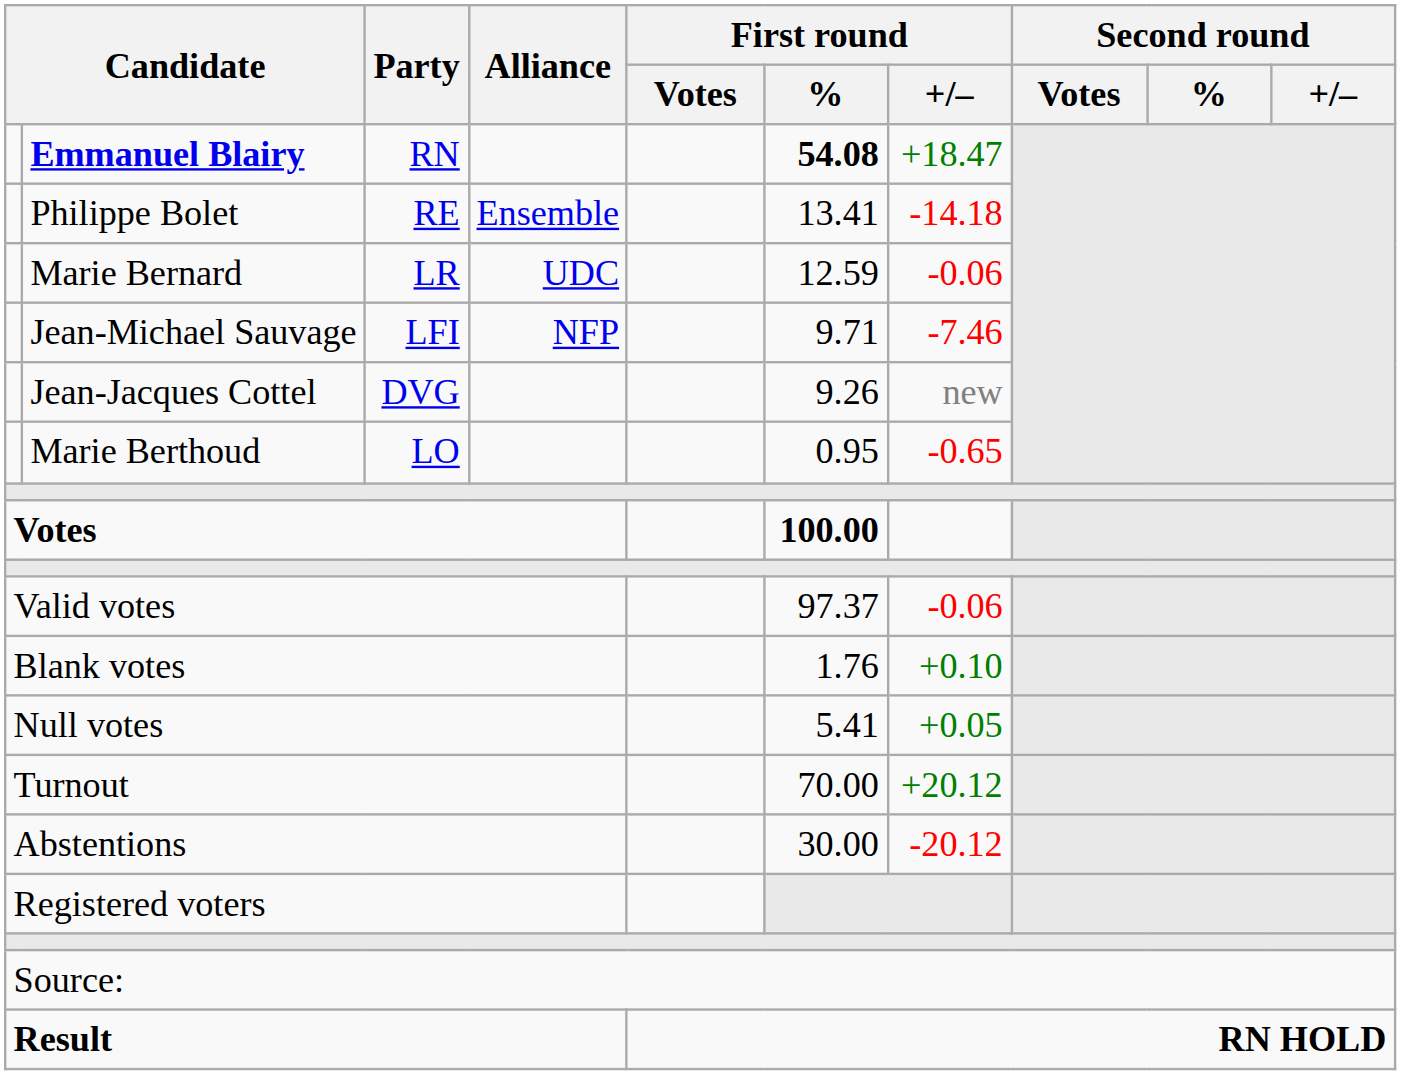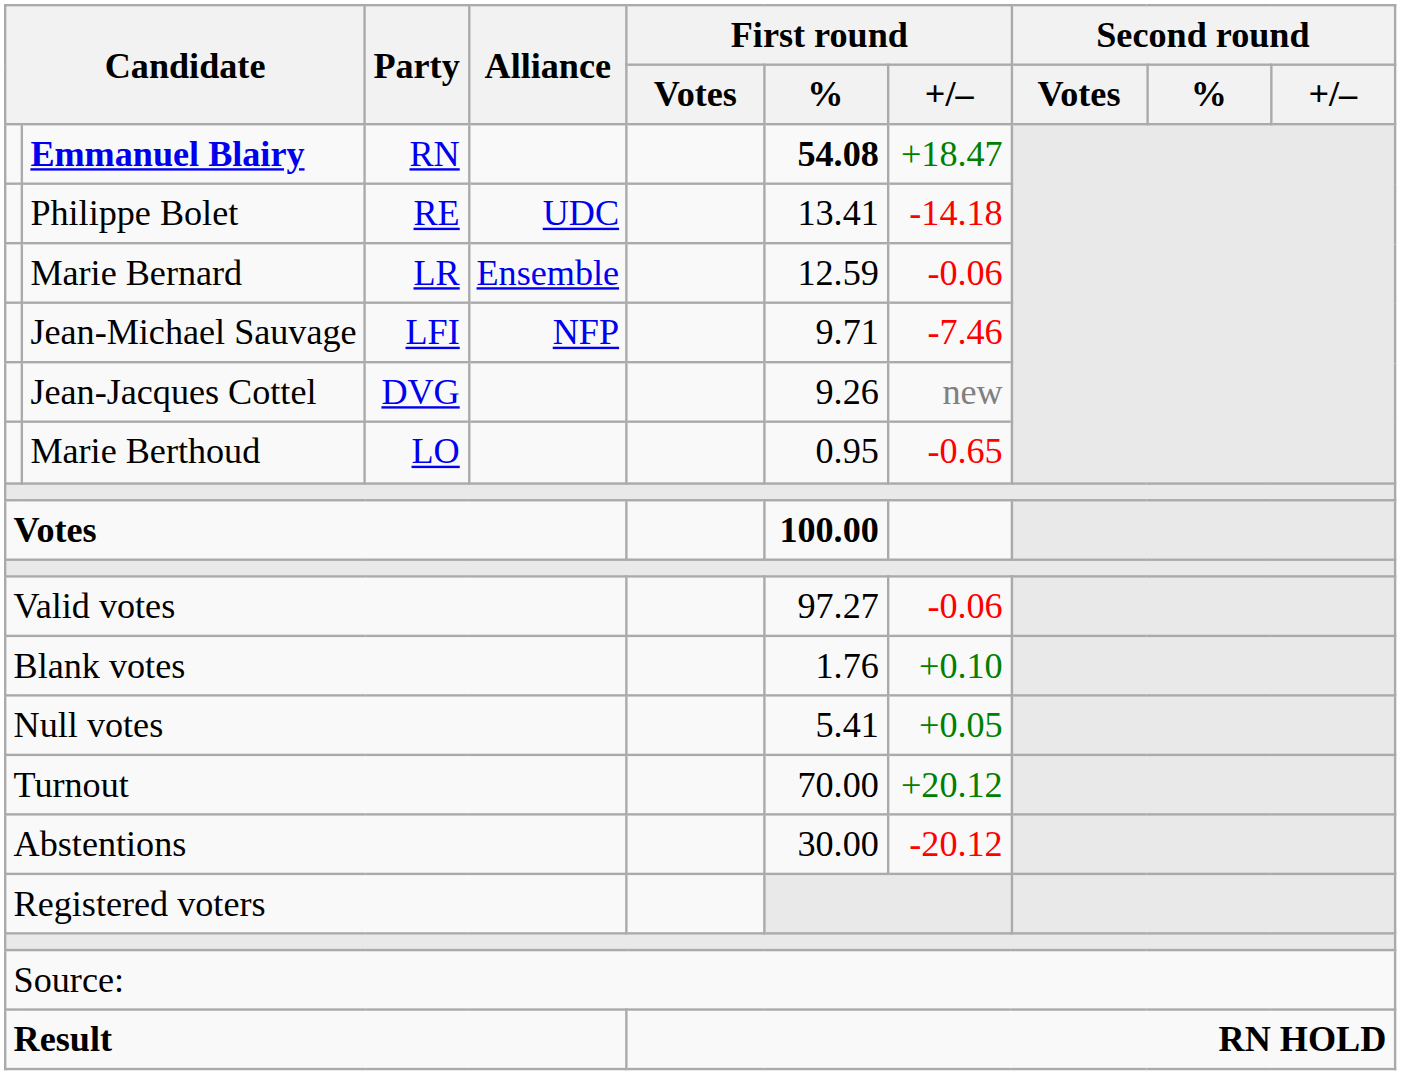 <table class="wikitable" style="text-align:right;font-size:95%;">
 <tr>
 <th rowspan="2" colspan="2">Candidate</th>
 <th colspan="1" rowspan="2">Party</th>
 <th colspan="1" rowspan="2">Alliance</th>
 <th colspan="3">First round</th>
 <th colspan="3">Second round</th>
 </tr>
 <tr>
 <th style="width:50px;">Votes</th>
 <th style="width:45px;">%</th>
 <th style="width:45px;">+/–</th>
 <th style="width:50px;">Votes</th>
 <th style="width:45px;">%</th>
 <th style="width:45px;">+/–</th>
 </tr>
 <tr>
 <td style="background:"></td>
 <td style="text-align:left;"><strong><a href='#'>Emmanuel Blairy</a></strong></td>
 <td><a href='#'>RN</a></td>
 <td></td>
 <td><strong></strong></td>
 <td><strong>54.08</strong></td>
 <td style="color:green;">+18.47</td>
 <td colspan="3" rowspan="6" style="background:#E9E9E9;"></td>
 </tr>
 <tr>
 <td style="background:"></td>
 <td style="text-align:left;">Philippe Bolet</td>
 <td><a href='#'>RE</a></td>
-<td><a href='#'>Ensemble</a></td>
+<td><a href='#'>UDC</a></td>
 <td></td>
 <td>13.41</td>
 <td style="color:red;">-14.18</td>
 </tr>
 <tr>
 <td style="background:"></td>
 <td style="text-align:left;">Marie Bernard</td>
 <td><a href='#'>LR</a></td>
-<td><a href='#'>UDC</a></td>
+<td><a href='#'>Ensemble</a></td>
 <td></td>
 <td>12.59</td>
 <td style="color:red;">-0.06</td>
 </tr>
 <tr>
 <td style="background:"></td>
 <td style="text-align:left;">Jean-Michael Sauvage</td>
 <td><a href='#'>LFI</a></td>
 <td><a href='#'>NFP</a></td>
 <td></td>
 <td>9.71</td>
 <td style="color:red;">-7.46</td>
 </tr>
 <tr>
 <td style="background:"></td>
 <td style="text-align:left;">Jean-Jacques Cottel</td>
 <td><a href='#'>DVG</a></td>
 <td></td>
 <td></td>
 <td>9.26</td>
 <td style="color:grey;">new</td>
 </tr>
 <tr>
 <td style="background:"></td>
 <td style="text-align:left;">Marie Berthoud</td>
 <td><a href='#'>LO</a></td>
 <td></td>
 <td></td>
 <td>0.95</td>
 <td style="color:red;">-0.65</td>
 </tr>
 <tr>
 <td colspan="10" style="background:#E9E9E9;"></td>
 </tr>
 <tr style="font-weight:bold;">
 <td colspan="4" style="text-align:left;">Votes</td>
 <td></td>
 <td>100.00</td>
 <td></td>
 <td colspan="3" rowspan="1" style="background:#E9E9E9;"></td>
 </tr>
 <tr>
 <td colspan="10" style="background:#E9E9E9;"></td>
 </tr>
 <tr>
 <td colspan="4" style="text-align:left;">Valid votes</td>
 <td></td>
-<td>97.37</td>
+<td>97.27</td>
 <td style="color:red;">-0.06</td>
 <td colspan="3" rowspan="1" style="background:#E9E9E9;"></td>
 </tr>
 <tr>
 <td colspan="4" style="text-align:left;">Blank votes</td>
 <td></td>
 <td>1.76</td>
 <td style="color:green;">+0.10</td>
 <td colspan="3" rowspan="1" style="background:#E9E9E9;"></td>
 </tr>
 <tr>
 <td colspan="4" style="text-align:left;">Null votes</td>
 <td></td>
 <td>5.41</td>
 <td style="color:green;">+0.05</td>
 <td colspan="3" rowspan="1" style="background:#E9E9E9;"></td>
 </tr>
 <tr>
 <td colspan="4" style="text-align:left;">Turnout</td>
 <td></td>
 <td>70.00</td>
 <td style="color:green;">+20.12</td>
 <td colspan="3" rowspan="1" style="background:#E9E9E9;"></td>
 </tr>
 <tr>
 <td colspan="4" style="text-align:left;">Abstentions</td>
 <td></td>
 <td>30.00</td>
 <td style="color:red;">-20.12</td>
 <td colspan="3" rowspan="1" style="background:#E9E9E9;"></td>
 </tr>
 <tr>
 <td colspan="4" style="text-align:left;">Registered voters</td>
 <td></td>
 <td colspan="2" style="background:#E9E9E9;"></td>
 <td colspan="3" rowspan="1" style="background:#E9E9E9;"></td>
 </tr>
 <tr>
 <td colspan="10" style="background:#E9E9E9;"></td>
 </tr>
 <tr>
 <td colspan="10" style="text-align:left;">Source: </td>
 </tr>
 <tr style="font-weight:bold">
 <td colspan="4" style="text-align:left;">Result</td>
 <td colspan="6" style="background-color:">RN HOLD</td>
 </tr>
 </table>
